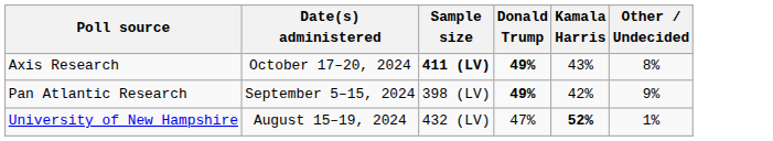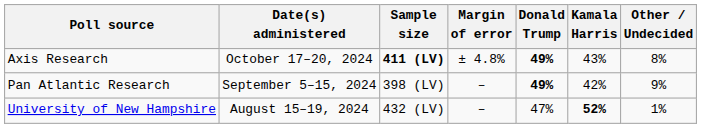 <table class="wikitable sortable mw-datatable" style="font-size:90%;text-align:center;line-height:17px">
 <tr vstyle="text-align:bottom">
 <th>Poll source</th>
 <th>Date(s)<br>administered</th>
 <th>Sample<br>size</th>
+<th>Margin<br>of error</th>
 <th class="unsortable">Donald<br>Trump<br></th>
 <th class="unsortable">Kamala<br>Harris<br></th>
 <th class="unsortable">Other /<br>Undecided</th>
 </tr>
 <tr>
 <td style="text-align:left;">Axis Research</td>
 <td data-sort-value="2024-09-15">October 17–20, 2024</td>
 <td><strong>411 (LV)</strong></td>
+<td>± 4.8%</td>
 <td style="background-color:"><strong>49%</strong></td>
 <td>43%</td>
 <td>8%</td>
 </tr>
 <tr>
 <td style="text-align:left;">Pan Atlantic Research</td>
 <td data-sort-value="2024-09-15">September 5–15, 2024</td>
 <td>398 (LV)</td>
+<td>–</td>
 <td style="background-color:"><strong>49%</strong></td>
 <td>42%</td>
 <td>9%</td>
 </tr>
 <tr>
 <td style="text-align:left;"><a href='#'>University of New Hampshire</a></td>
 <td data-sort-value="2024-08-19">August 15–19, 2024</td>
 <td>432 (LV)</td>
+<td>–</td>
 <td>47%</td>
 <td style="color:black;background-color:"><strong>52%</strong></td>
 <td>1%</td>
 </tr>
 </table>
